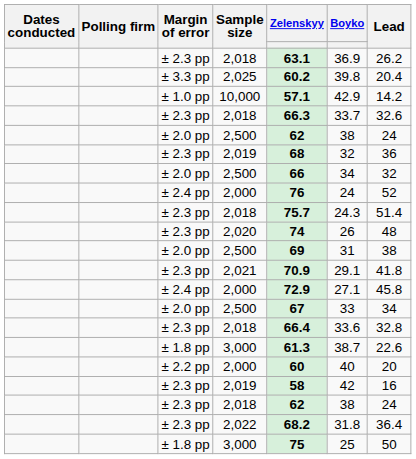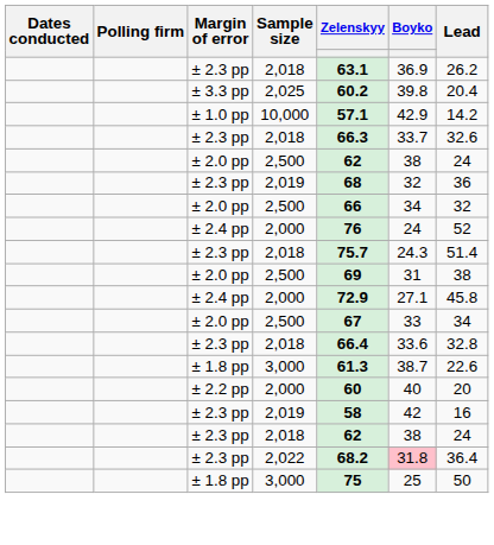 <table class="wikitable sortable mw-datatable mw-collapsible" style="text-align:center;font-size:90%;line-height:14px;">
 <tr style="height:40px;">
 <th rowspan="2">Dates<br>conducted</th>
 <th rowspan="2">Polling firm</th>
 <th rowspan="2">Margin<br>of error</th>
 <th rowspan="2">Sample<br>size</th>
 <th><small><a href='#'>Zelenskyy</a></small><br></th>
 <th> <small><a href='#'>Boyko</a></small><br></th>
 <th rowspan="2" style="width:40px;">Lead</th>
 </tr>
 <tr>
 <th data-sort-type="number" style="background:"></th>
 <th data-sort-type="number" style="background:"></th>
 </tr>
 <tr>
 <td></td>
 <td></td>
 <td>± 2.3 pp</td>
 <td>2,018</td>
 <td style="background:#D7F0DB;"><strong>63.1</strong></td>
 <td>36.9</td>
 <td style="background:">26.2</td>
 </tr>
 <tr>
 <td></td>
 <td></td>
 <td>± 3.3 pp</td>
 <td>2,025</td>
 <td style="background:#D7F0DB;"><strong>60.2</strong></td>
 <td>39.8</td>
 <td style="background:">20.4</td>
 </tr>
 <tr>
 <td></td>
 <td></td>
 <td>± 1.0 pp</td>
 <td>10,000</td>
 <td style="background:#D7F0DB;"><strong>57.1</strong></td>
 <td>42.9</td>
 <td style="background:">14.2</td>
 </tr>
 <tr>
 <td></td>
 <td></td>
 <td>± 2.3 pp</td>
 <td>2,018</td>
 <td style="background:#D7F0DB;"><strong>66.3</strong></td>
 <td>33.7</td>
 <td style="background:">32.6</td>
 </tr>
 <tr>
 <td></td>
 <td></td>
 <td>± 2.0 pp</td>
 <td>2,500</td>
 <td style="background:#D7F0DB;"><strong>62</strong></td>
 <td>38</td>
 <td style="background:">24</td>
 </tr>
 <tr>
 <td></td>
 <td></td>
 <td>± 2.3 pp</td>
 <td>2,019</td>
 <td style="background:#D7F0DB"><strong>68</strong></td>
 <td>32</td>
 <td style="background:">36</td>
 </tr>
 <tr>
 <td></td>
 <td></td>
 <td>± 2.0 pp</td>
 <td>2,500</td>
 <td style="background:#D7F0DB"><strong>66</strong></td>
 <td>34</td>
 <td style="background:">32</td>
 </tr>
 <tr>
 <td></td>
 <td></td>
 <td>± 2.4 pp</td>
 <td>2,000</td>
 <td style="background:#D7F0DB"><strong>76</strong></td>
 <td>24</td>
 <td style="background:">52</td>
 </tr>
 <tr>
 <td></td>
 <td></td>
 <td>± 2.3 pp</td>
 <td>2,018</td>
 <td style="background:#D7F0DB"><strong>75.7</strong></td>
 <td>24.3</td>
 <td style="background:">51.4</td>
 </tr>
 <tr>
 <td></td>
 <td></td>
-<td>± 2.3 pp</td>
-<td>2,020</td>
-<td style="background:#D7F0DB"><strong>74</strong></td>
-<td>26</td>
-<td style="background:">48</td>
-</tr>
-<tr>
-<td></td>
-<td></td>
 <td>± 2.0 pp</td>
 <td>2,500</td>
 <td style="background:#D7F0DB"><strong>69</strong></td>
 <td>31</td>
 <td style="background:">38</td>
-</tr>
-<tr>
-<td></td>
-<td></td>
-<td>± 2.3 pp</td>
-<td>2,021</td>
-<td style="background:#D7F0DB"><strong>70.9</strong></td>
-<td>29.1</td>
-<td style="background:">41.8</td>
 </tr>
 <tr>
 <td></td>
 <td></td>
 <td>± 2.4 pp</td>
 <td>2,000</td>
 <td style="background:#D7F0DB"><strong>72.9</strong></td>
 <td>27.1</td>
 <td style="background:">45.8</td>
 </tr>
 <tr>
 <td></td>
 <td></td>
 <td>± 2.0 pp</td>
 <td>2,500</td>
 <td style="background:#D7F0DB"><strong>67</strong></td>
 <td>33</td>
 <td style="background:">34</td>
 </tr>
 <tr>
 <td></td>
 <td></td>
 <td>± 2.3 pp</td>
 <td>2,018</td>
 <td style="background:#D7F0DB"><strong>66.4</strong></td>
 <td>33.6</td>
 <td style="background:">32.8</td>
 </tr>
 <tr>
 <td></td>
 <td></td>
 <td>± 1.8 pp</td>
 <td>3,000</td>
 <td style="background:#D7F0DB"><strong>61.3</strong></td>
 <td>38.7</td>
 <td style="background:">22.6</td>
 </tr>
 <tr>
 <td></td>
 <td></td>
 <td>± 2.2 pp</td>
 <td>2,000</td>
 <td style="background:#D7F0DB"><strong>60</strong></td>
 <td>40</td>
 <td style="background:">20</td>
 </tr>
 <tr>
 <td></td>
 <td></td>
 <td>± 2.3 pp</td>
 <td>2,019</td>
 <td style="background:#D7F0DB"><strong>58</strong></td>
 <td>42</td>
 <td style="background:">16</td>
 </tr>
 <tr>
 <td></td>
 <td></td>
 <td>± 2.3 pp</td>
 <td>2,018</td>
 <td style="background:#D7F0DB"><strong>62</strong></td>
 <td>38</td>
 <td style="background:">24</td>
 </tr>
 <tr>
 <td></td>
 <td></td>
 <td>± 2.3 pp</td>
 <td>2,022</td>
 <td style="background:#D7F0DB"><strong>68.2</strong></td>
-<td>31.8</td>
+<td style="background: pink;">31.8</td>
 <td style="background:">36.4</td>
 </tr>
 <tr>
 <td></td>
 <td></td>
 <td>± 1.8 pp</td>
 <td>3,000</td>
 <td style="background:#D7F0DB"><strong>75</strong></td>
 <td>25</td>
 <td style="background:">50</td>
 </tr>
 </table>
